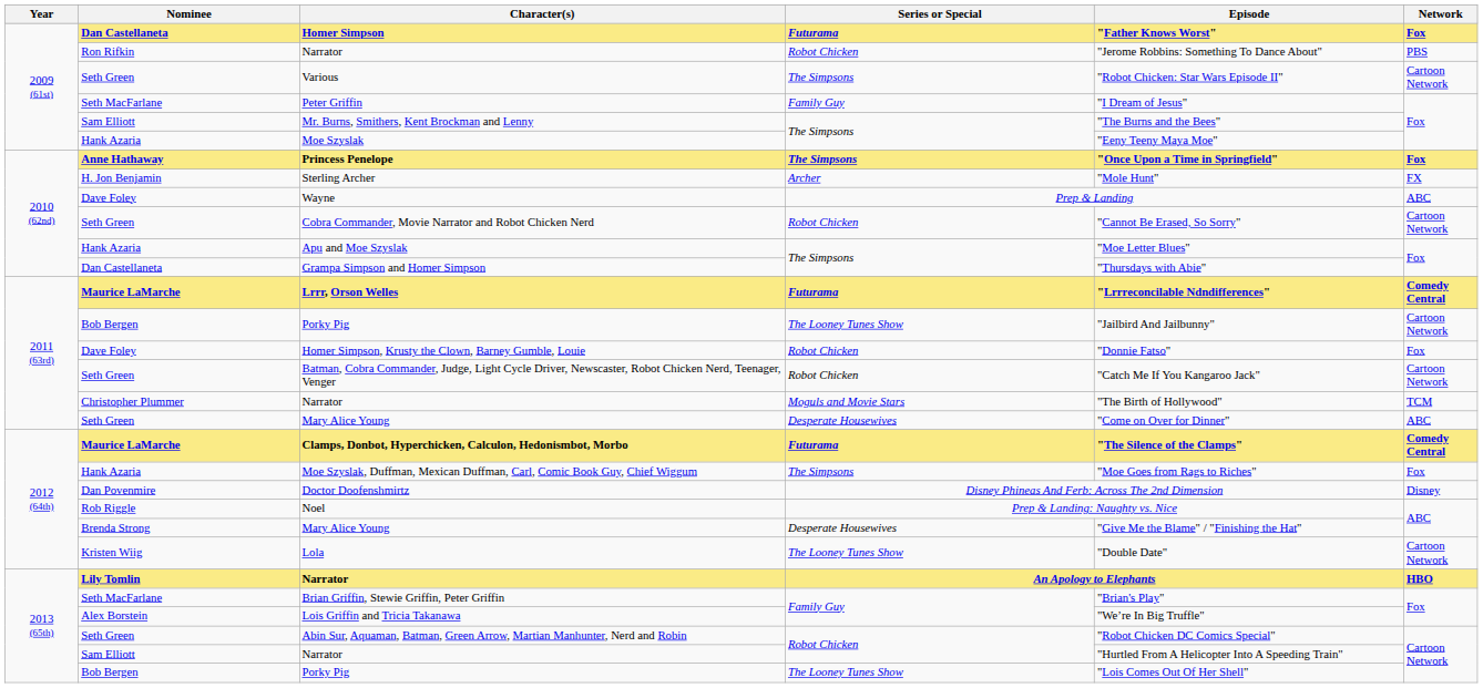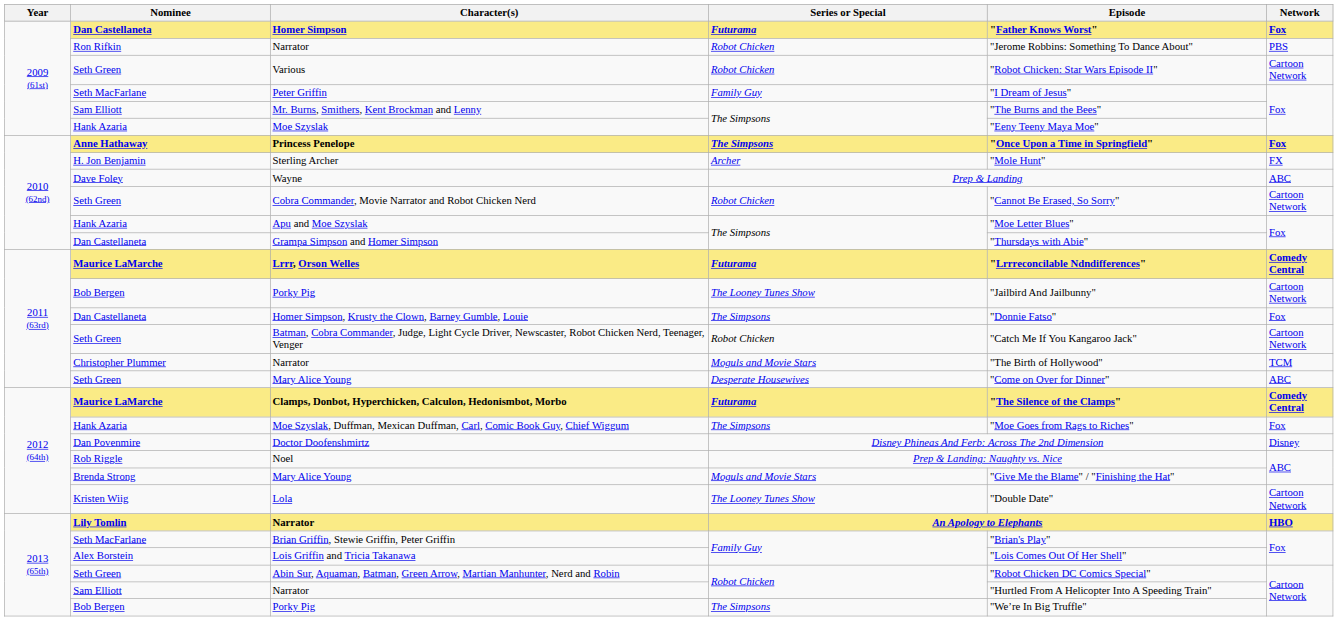 <table class="wikitable" style="width:100%">
 <tr style="background:#bebebe;">
 <th style="width:5%;">Year</th>
 <th style="width:15%;">Nominee</th>
 <th style="width:33%;">Character(s)</th>
 <th style="width:21%;">Series or Special</th>
 <th style="width:21%;">Episode</th>
 <th style="width:5%;">Network</th>
 </tr>
 <tr>
 <td rowspan=6 style="text-align:center"><a href='#'>2009</a><br><small><a href='#'>(61st)</a></small><br></td>
 <td style="background:#FAEB86"><strong><a href='#'>Dan Castellaneta</a></strong></td>
 <td style="background:#FAEB86"><strong><a href='#'>Homer Simpson</a></strong></td>
 <td style="background:#FAEB86"><strong><em><a href='#'>Futurama</a></em></strong></td>
 <td style="background:#FAEB86"><strong>"<a href='#'>Father Knows Worst</a>"</strong></td>
 <td style="background:#FAEB86"><a href='#'><strong>Fox</strong></a></td>
 </tr>
 <tr>
 <td><a href='#'>Ron Rifkin</a></td>
 <td>Narrator</td>
 <td><em><a href='#'>Robot Chicken</a></em></td>
 <td>"Jerome Robbins: Something To Dance About"</td>
 <td><a href='#'>PBS</a></td>
 </tr>
 <tr>
 <td><a href='#'>Seth Green</a></td>
 <td>Various</td>
-<td><em><a href='#'>The Simpsons</a></em></td>
+<td><em><a href='#'>Robot Chicken</a></em></td>
 <td>"<a href='#'>Robot Chicken: Star Wars Episode II</a>"</td>
 <td><a href='#'>Cartoon Network</a></td>
 </tr>
 <tr>
 <td><a href='#'>Seth MacFarlane</a></td>
 <td><a href='#'>Peter Griffin</a></td>
 <td><em><a href='#'>Family Guy</a></em></td>
 <td>"<a href='#'>I Dream of Jesus</a>"</td>
 <td rowspan="3"><a href='#'>Fox</a></td>
 </tr>
 <tr>
 <td><a href='#'>Sam Elliott</a></td>
 <td><a href='#'>Mr. Burns</a>, <a href='#'>Smithers</a>, <a href='#'>Kent Brockman</a> and <a href='#'>Lenny</a></td>
 <td rowspan="2"><em>The Simpsons</em></td>
 <td>"<a href='#'>The Burns and the Bees</a>"</td>
 </tr>
 <tr>
 <td><a href='#'>Hank Azaria</a></td>
 <td><a href='#'>Moe Szyslak</a></td>
 <td>"<a href='#'>Eeny Teeny Maya Moe</a>"</td>
 </tr>
 <tr>
 <td rowspan=6 style="text-align:center"><a href='#'>2010</a><br><small><a href='#'>(62nd)</a></small><br></td>
 <td style="background:#FAEB86"><strong><a href='#'>Anne Hathaway</a></strong></td>
 <td style="background:#FAEB86"><strong>Princess Penelope</strong></td>
 <td style="background:#FAEB86"><strong><em><a href='#'>The Simpsons</a></em></strong></td>
 <td style="background:#FAEB86"><strong>"<a href='#'>Once Upon a Time in Springfield</a>"</strong></td>
 <td style="background:#FAEB86"><a href='#'><strong>Fox</strong></a></td>
 </tr>
 <tr>
 <td><a href='#'>H. Jon Benjamin</a></td>
 <td>Sterling Archer</td>
 <td><em><a href='#'>Archer</a></em></td>
 <td>"<a href='#'>Mole Hunt</a>"</td>
 <td><a href='#'>FX</a></td>
 </tr>
 <tr>
 <td><a href='#'>Dave Foley</a></td>
 <td>Wayne</td>
 <td style="text-align:center;" colspan="2"><em><a href='#'>Prep & Landing</a></em></td>
 <td><a href='#'>ABC</a></td>
 </tr>
 <tr>
 <td><a href='#'>Seth Green</a></td>
 <td><a href='#'>Cobra Commander</a>, Movie Narrator and Robot Chicken Nerd</td>
 <td><em><a href='#'>Robot Chicken</a></em></td>
 <td>"<a href='#'>Cannot Be Erased, So Sorry</a>"</td>
 <td><a href='#'>Cartoon Network</a></td>
 </tr>
 <tr>
 <td><a href='#'>Hank Azaria</a></td>
 <td><a href='#'>Apu</a> and <a href='#'>Moe Szyslak</a></td>
 <td rowspan="2"><em>The Simpsons</em></td>
 <td>"<a href='#'>Moe Letter Blues</a>"</td>
 <td rowspan="2"><a href='#'>Fox</a></td>
 </tr>
 <tr>
 <td><a href='#'>Dan Castellaneta</a></td>
 <td><a href='#'>Grampa Simpson</a> and <a href='#'>Homer Simpson</a></td>
 <td>"<a href='#'>Thursdays with Abie</a>"</td>
 </tr>
 <tr>
 <td rowspan=6 style="text-align:center"><a href='#'>2011</a><br><small><a href='#'>(63rd)</a></small><br></td>
 <td style="background:#FAEB86"><strong><a href='#'>Maurice LaMarche</a></strong></td>
 <td style="background:#FAEB86"><strong><a href='#'>Lrrr</a>, <a href='#'>Orson Welles</a></strong></td>
 <td style="background:#FAEB86"><strong><em><a href='#'>Futurama</a></em></strong></td>
 <td style="background:#FAEB86"><strong>"<a href='#'>Lrrreconcilable Ndndifferences</a>"</strong></td>
 <td style="background:#FAEB86"><strong><a href='#'>Comedy Central</a></strong></td>
 </tr>
 <tr>
 <td><a href='#'>Bob Bergen</a></td>
 <td><a href='#'>Porky Pig</a></td>
 <td><em><a href='#'>The Looney Tunes Show</a></em></td>
 <td>"Jailbird And Jailbunny"</td>
 <td><a href='#'>Cartoon Network</a></td>
 </tr>
 <tr>
-<td><a href='#'>Dave Foley</a></td>
+<td><a href='#'>Dan Castellaneta</a></td>
 <td><a href='#'>Homer Simpson</a>, <a href='#'>Krusty the Clown</a>, <a href='#'>Barney Gumble</a>, <a href='#'>Louie</a></td>
-<td><em><a href='#'>Robot Chicken</a></em></td>
+<td><em><a href='#'>The Simpsons</a></em></td>
 <td>"<a href='#'>Donnie Fatso</a>"</td>
 <td><a href='#'>Fox</a></td>
 </tr>
 <tr>
 <td><a href='#'>Seth Green</a></td>
 <td><a href='#'>Batman</a>, <a href='#'>Cobra Commander</a>, Judge, Light Cycle Driver, Newscaster, Robot Chicken Nerd, Teenager, Venger</td>
 <td><em>Robot Chicken</em></td>
 <td>"Catch Me If You Kangaroo Jack"</td>
 <td><a href='#'>Cartoon Network</a></td>
 </tr>
 <tr>
 <td><a href='#'>Christopher Plummer</a></td>
 <td>Narrator</td>
 <td><em><a href='#'>Moguls and Movie Stars</a></em></td>
 <td>"The Birth of Hollywood"</td>
 <td><a href='#'>TCM</a></td>
 </tr>
 <tr>
 <td><a href='#'>Seth Green</a></td>
 <td><a href='#'>Mary Alice Young</a></td>
 <td><em><a href='#'>Desperate Housewives</a></em></td>
 <td>"<a href='#'>Come on Over for Dinner</a>"</td>
 <td><a href='#'>ABC</a></td>
 </tr>
 <tr>
 <td rowspan=6 style="text-align:center"><a href='#'>2012</a><br><small><a href='#'>(64th)</a></small><br></td>
 <td style="background:#FAEB86"><strong><a href='#'>Maurice LaMarche</a></strong></td>
 <td style="background:#FAEB86"><strong>Clamps, Donbot, Hyperchicken, Calculon, Hedonismbot, Morbo</strong></td>
 <td style="background:#FAEB86"><strong><em><a href='#'>Futurama</a></em></strong></td>
 <td style="background:#FAEB86"><strong>"<a href='#'>The Silence of the Clamps</a>"</strong></td>
 <td style="background:#FAEB86"><strong><a href='#'>Comedy Central</a></strong></td>
 </tr>
 <tr>
 <td><a href='#'>Hank Azaria</a></td>
 <td><a href='#'>Moe Szyslak</a>, Duffman, Mexican Duffman, <a href='#'>Carl</a>, <a href='#'>Comic Book Guy</a>, <a href='#'>Chief Wiggum</a></td>
 <td><em><a href='#'>The Simpsons</a></em></td>
 <td>"<a href='#'>Moe Goes from Rags to Riches</a>"</td>
 <td><a href='#'>Fox</a></td>
 </tr>
 <tr>
 <td><a href='#'>Dan Povenmire</a></td>
 <td><a href='#'>Doctor Doofenshmirtz</a></td>
 <td colspan=2 style="text-align:center"><em><a href='#'>Disney Phineas And Ferb: Across The 2nd Dimension</a></em></td>
 <td><a href='#'>Disney</a></td>
 </tr>
 <tr>
 <td><a href='#'>Rob Riggle</a></td>
 <td>Noel</td>
 <td colspan=2 style="text-align:center"><em><a href='#'>Prep & Landing: Naughty vs. Nice</a></em></td>
 <td rowspan=2><a href='#'>ABC</a></td>
 </tr>
 <tr>
 <td><a href='#'>Brenda Strong</a></td>
 <td><a href='#'>Mary Alice Young</a></td>
-<td><em>Desperate Housewives</em></td>
+<td><em><a href='#'>Moguls and Movie Stars</a></em></td>
 <td>"<a href='#'>Give Me the Blame</a>" / "<a href='#'>Finishing the Hat</a>"</td>
 </tr>
 <tr>
 <td><a href='#'>Kristen Wiig</a></td>
 <td><a href='#'>Lola</a></td>
 <td><em><a href='#'>The Looney Tunes Show</a></em></td>
 <td>"Double Date"</td>
 <td><a href='#'>Cartoon Network</a></td>
 </tr>
 <tr>
 <td rowspan=6 style="text-align:center"><a href='#'>2013</a><br><small><a href='#'>(65th)</a></small><br></td>
 <td style="background:#FAEB86"><strong><a href='#'>Lily Tomlin</a></strong></td>
 <td style="background:#FAEB86"><strong>Narrator</strong></td>
 <td colspan="2"  style="text-align:center; background:#faeb86;"><strong><em><a href='#'>An Apology to Elephants</a></em></strong></td>
 <td style="background:#FAEB86"><strong><a href='#'>HBO</a></strong></td>
 </tr>
 <tr>
 <td><a href='#'>Seth MacFarlane</a></td>
 <td><a href='#'>Brian Griffin</a>, Stewie Griffin, Peter Griffin</td>
 <td rowspan=2><em><a href='#'>Family Guy</a></em></td>
 <td>"<a href='#'>Brian's Play</a>"</td>
 <td rowspan=2><a href='#'>Fox</a></td>
 </tr>
 <tr>
 <td><a href='#'>Alex Borstein</a></td>
 <td><a href='#'>Lois Griffin</a> and <a href='#'>Tricia Takanawa</a></td>
-<td>"We’re In Big Truffle"</td>
+<td>"<a href='#'>Lois Comes Out Of Her Shell</a>"</td>
 </tr>
 <tr>
 <td><a href='#'>Seth Green</a></td>
 <td><a href='#'>Abin Sur</a>, <a href='#'>Aquaman</a>, <a href='#'>Batman</a>, <a href='#'>Green Arrow</a>, <a href='#'>Martian Manhunter</a>, Nerd and <a href='#'>Robin</a></td>
 <td rowspan=2><em><a href='#'>Robot Chicken</a></em></td>
 <td>"<a href='#'>Robot Chicken DC Comics Special</a>"</td>
 <td rowspan=3><a href='#'>Cartoon Network</a></td>
 </tr>
 <tr>
 <td><a href='#'>Sam Elliott</a></td>
 <td>Narrator</td>
 <td>"Hurtled From A Helicopter Into A Speeding Train"</td>
 </tr>
 <tr>
 <td><a href='#'>Bob Bergen</a></td>
 <td><a href='#'>Porky Pig</a></td>
-<td><em><a href='#'>The Looney Tunes Show</a></em></td>
-<td>"<a href='#'>Lois Comes Out Of Her Shell</a>"</td>
+<td><em><a href='#'>The Simpsons</a></em></td>
+<td>"We’re In Big Truffle"</td>
 </tr>
 </table>
